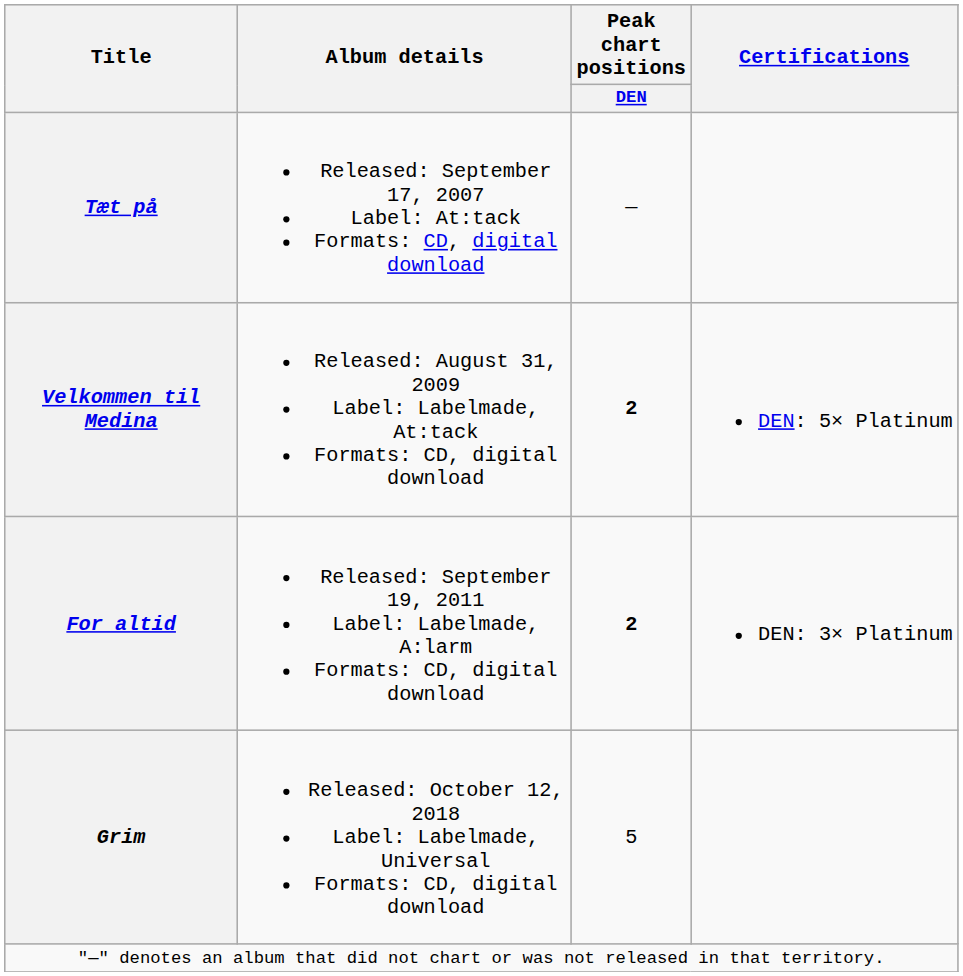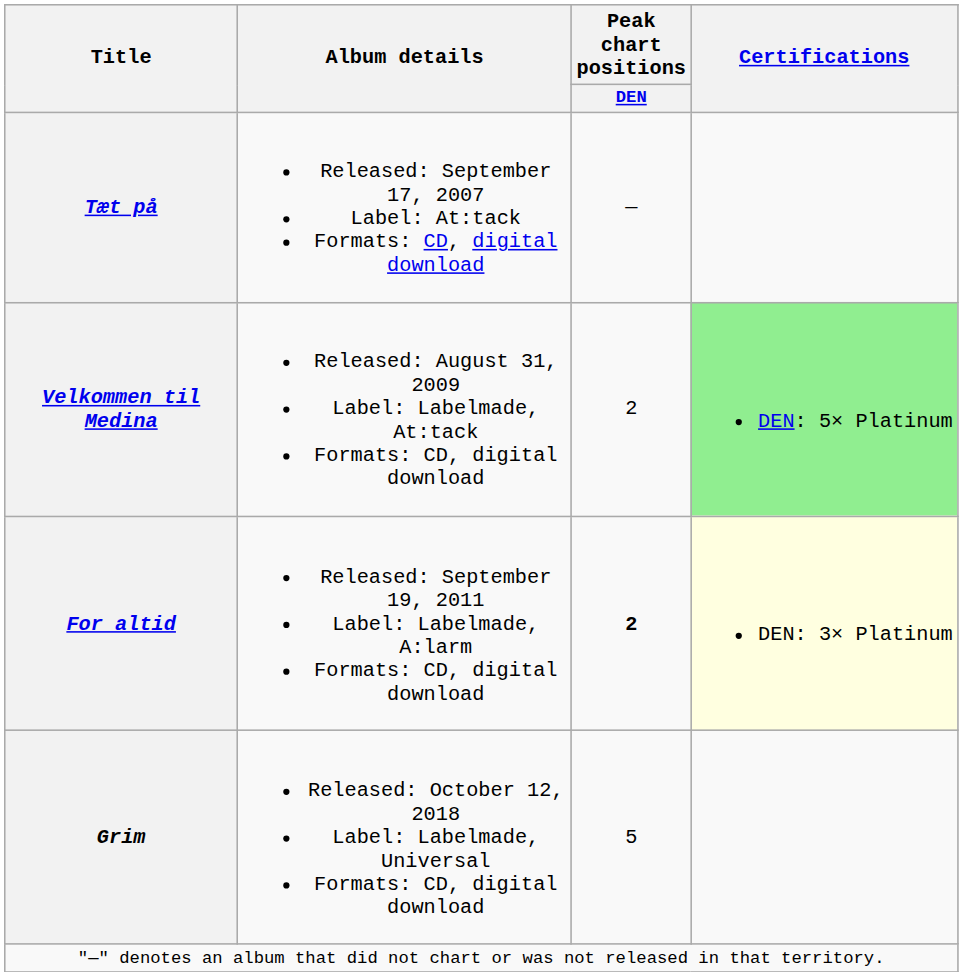 <table class="wikitable plainrowheaders" style="text-align:center;" border="1">
 <tr>
 <th scope="col" rowspan="2" style="width:11em;">Title</th>
 <th scope="col" rowspan="2" style="width:16em;">Album details</th>
 <th scope="col" colspan="1">Peak chart positions</th>
 <th scope="col" rowspan="2"><a href='#'>Certifications</a></th>
 </tr>
 <tr>
 <th scope="col" style="width:3em;font-size:85%;"><a href='#'>DEN</a><br></th>
 </tr>
 <tr>
 <th scope="row"><em><a href='#'>Tæt på</a></em></th>
 <td><br><ul><li>Released: September 17, 2007</li><li>Label: At:tack</li><li>Formats: <a href='#'>CD</a>, <a href='#'>digital download</a></li></ul></td>
 <td>—</td>
 <td></td>
 </tr>
 <tr>
 <th scope="row"><em><a href='#'>Velkommen til Medina</a></em></th>
 <td><br><ul><li>Released: August 31, 2009</li><li>Label: Labelmade, At:tack</li><li>Formats: CD, digital download</li></ul></td>
-<td><strong>2</strong></td>
-<td><br><ul><li><a href='#'>DEN</a>: 5× Platinum</li></ul></td>
+<td>2</td>
+<td style="background: lightgreen;"><br><ul><li><a href='#'>DEN</a>: 5× Platinum</li></ul></td>
 </tr>
 <tr>
 <th scope="row"><em><a href='#'>For altid</a></em></th>
 <td><br><ul><li>Released: September 19, 2011</li><li>Label: Labelmade, A:larm</li><li>Formats: CD, digital download</li></ul></td>
 <td><strong>2</strong></td>
-<td><br><ul><li>DEN: 3× Platinum</li></ul></td>
+<td style="background: lightyellow;"><br><ul><li>DEN: 3× Platinum</li></ul></td>
 </tr>
 <tr>
 <th scope="row"><em>Grim</em></th>
 <td><br><ul><li>Released: October 12, 2018</li><li>Label: Labelmade, Universal</li><li>Formats: CD, digital download</li></ul></td>
 <td>5</td>
 <td></td>
 </tr>
 <tr>
 <td colspan="18" style="font-size:85%">"—" denotes an album that did not chart or was not released in that territory.</td>
 </tr>
 </table>
